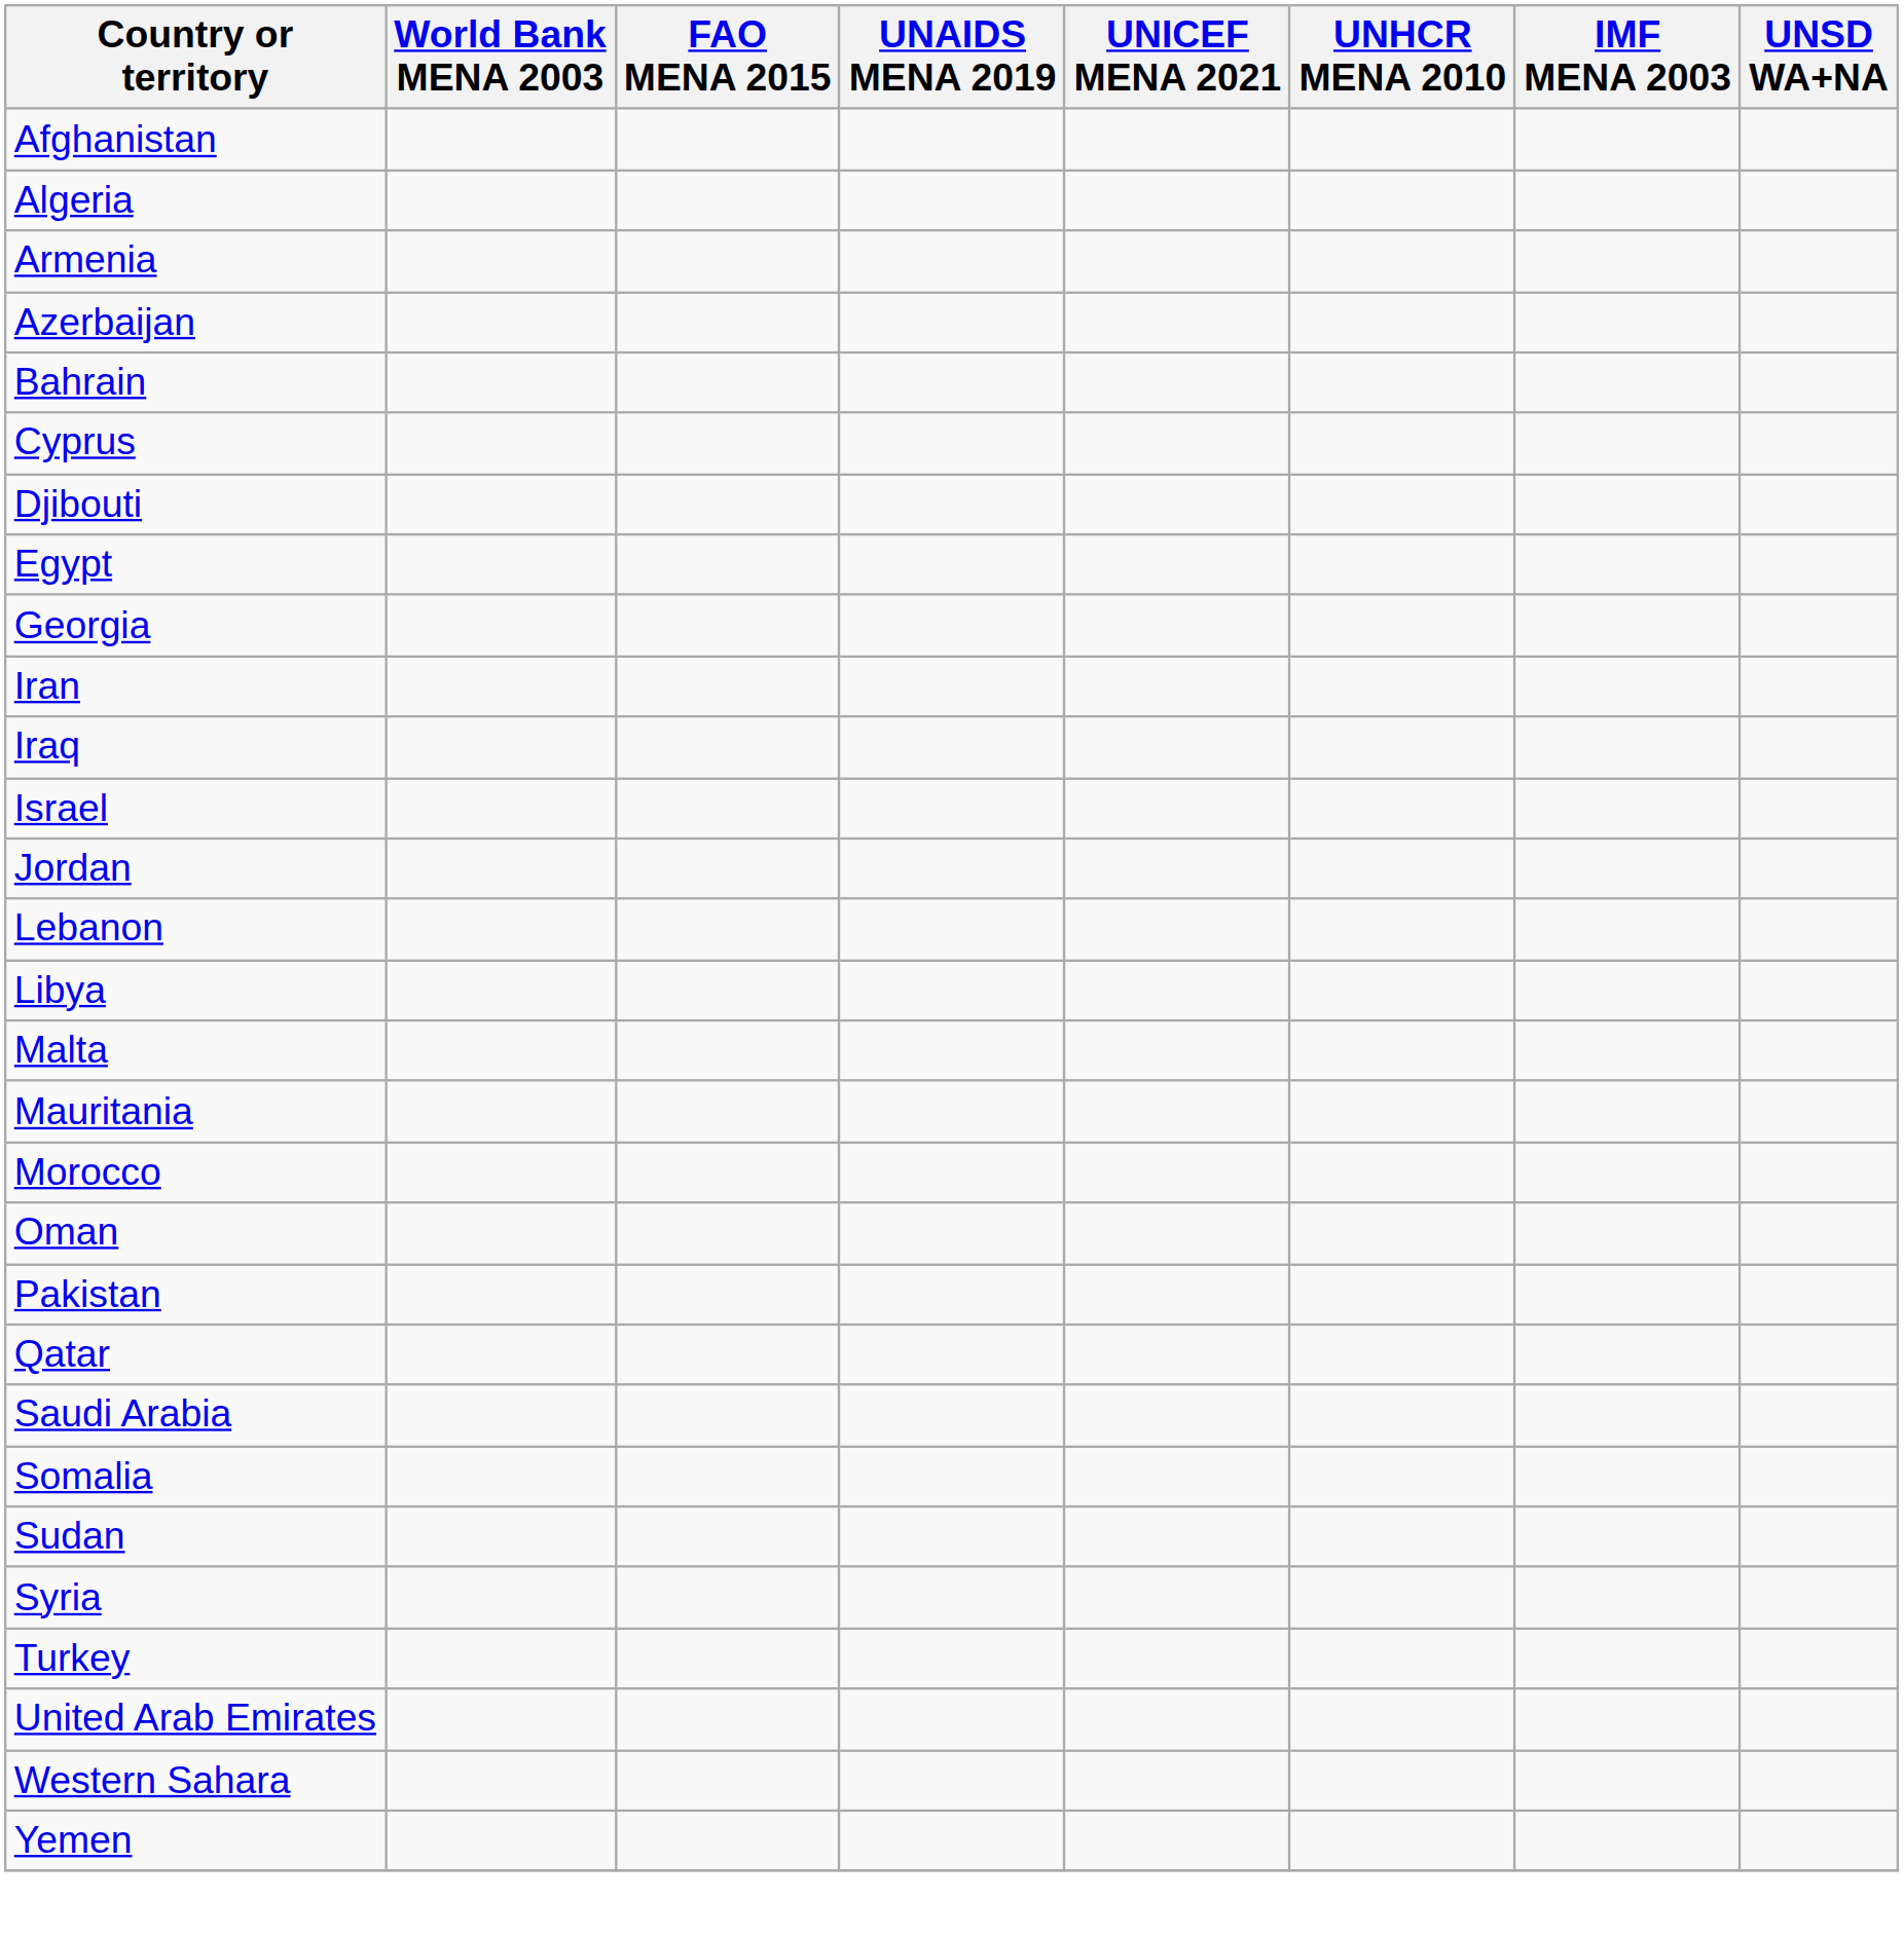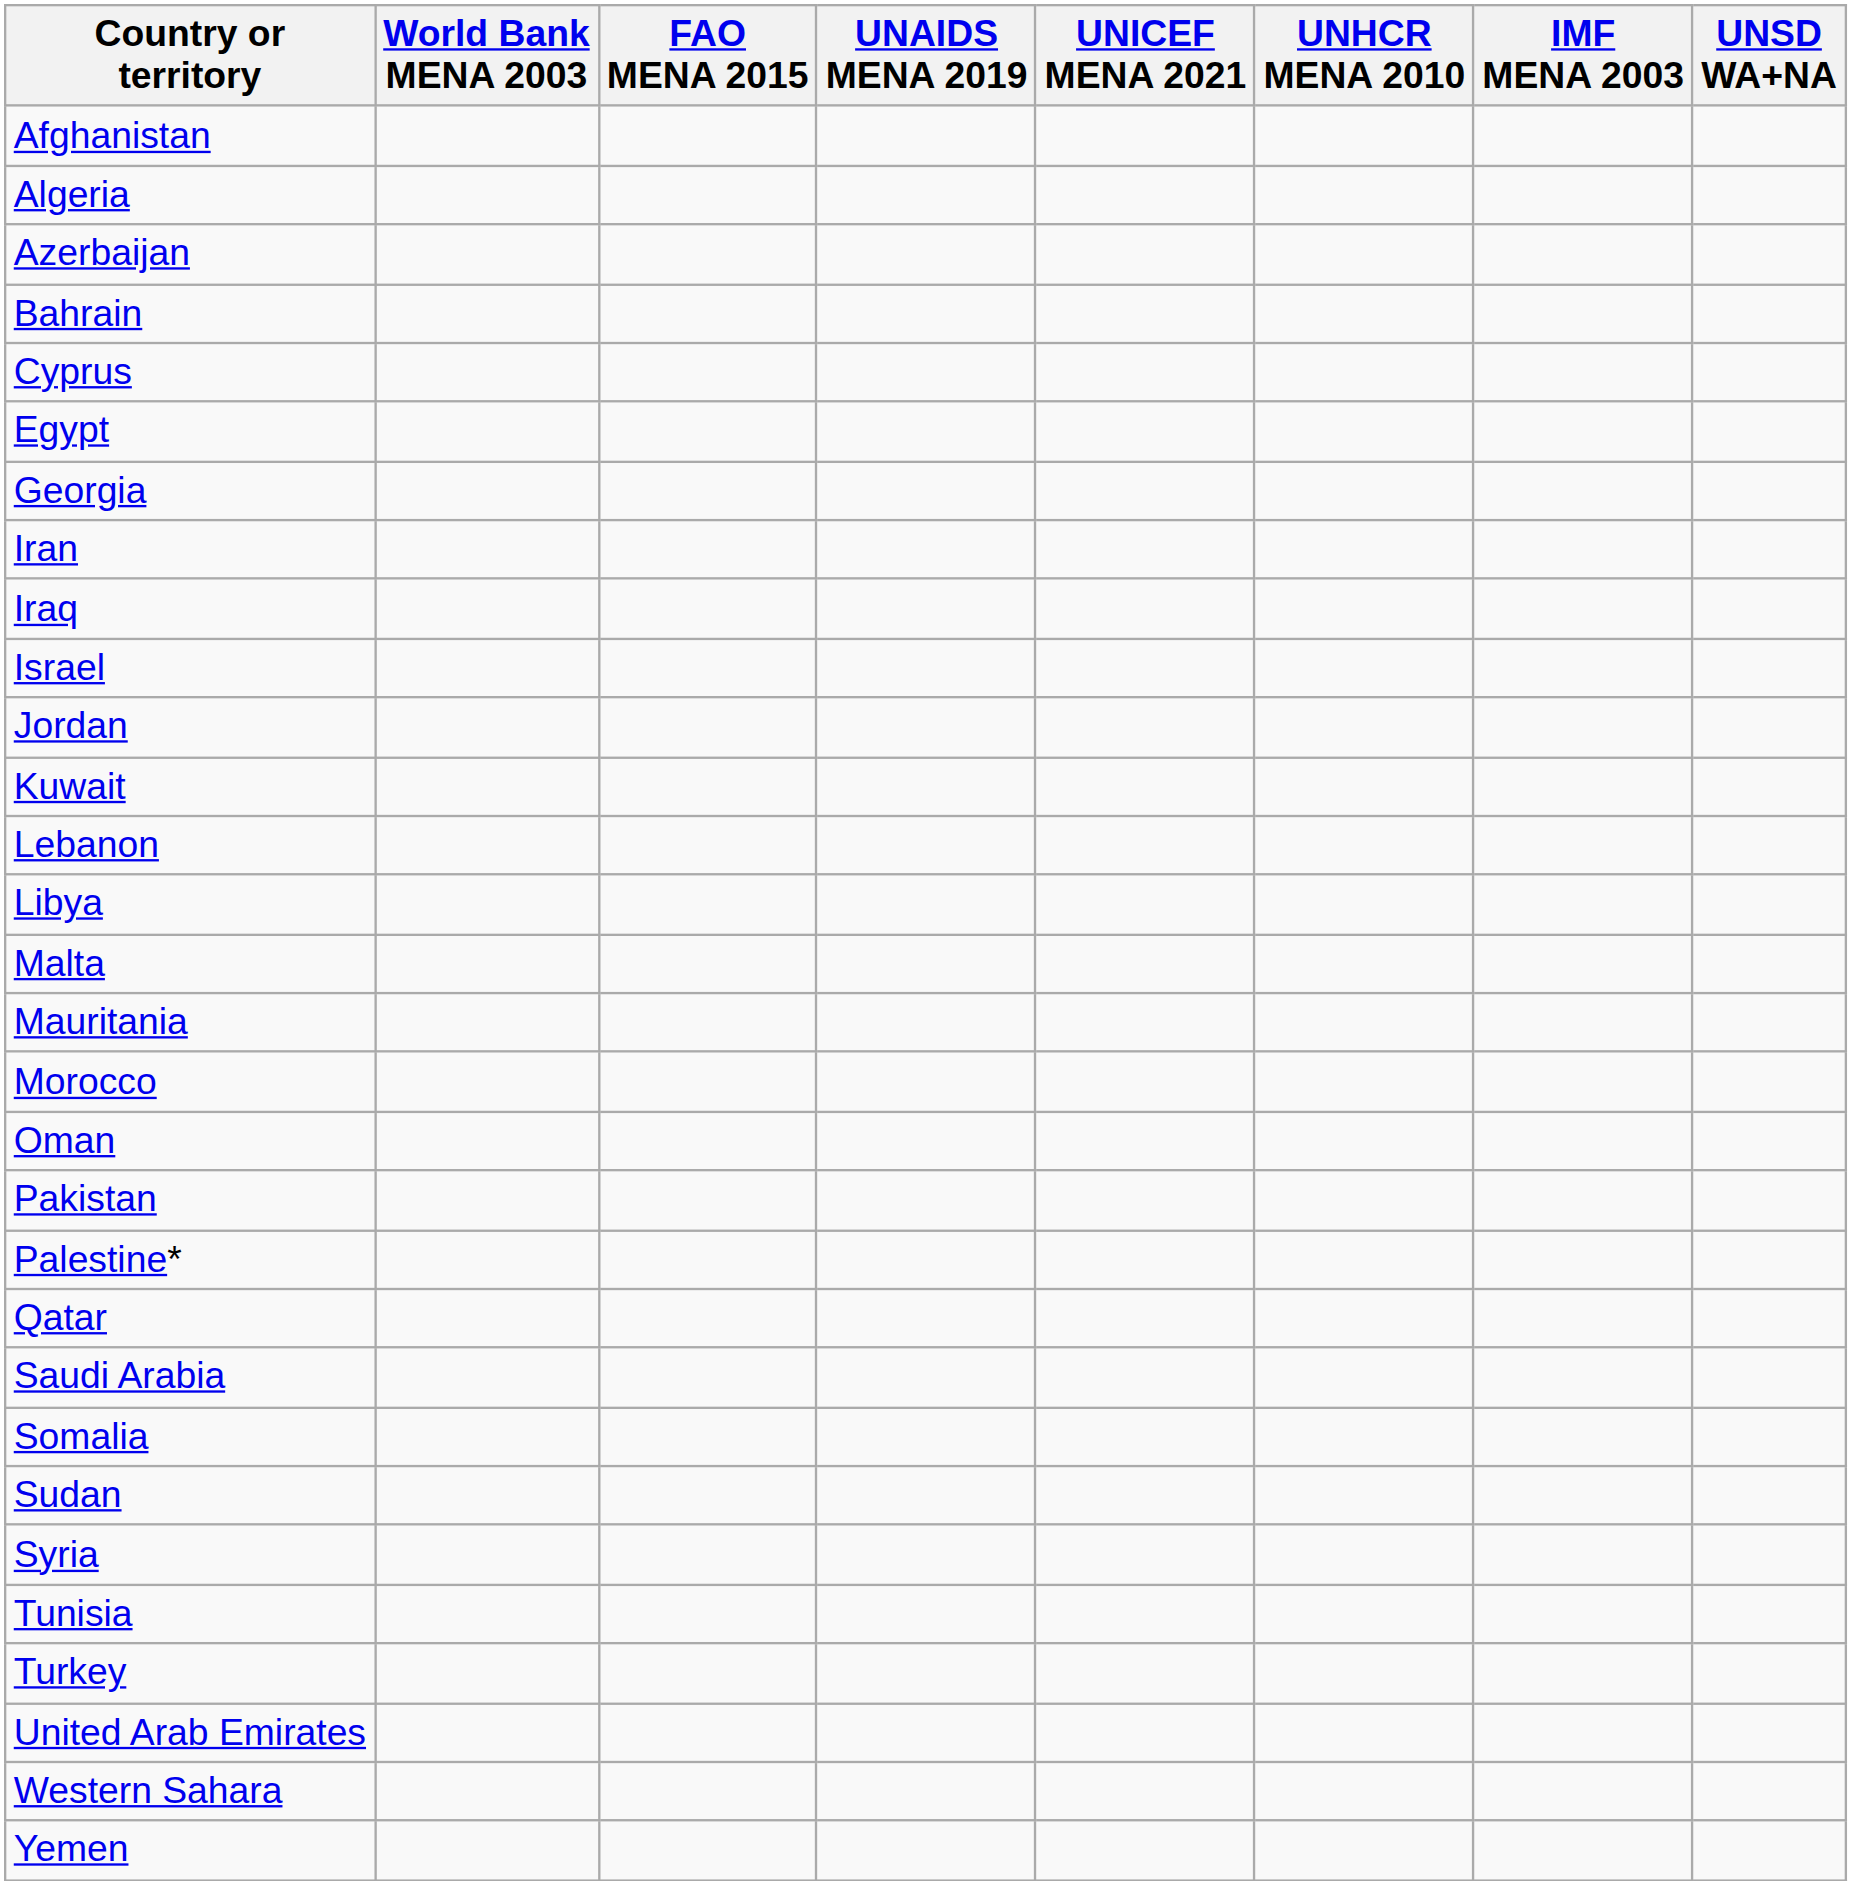 <table class="wikitable sortable" style="text-align:center">
 <tr>
 <th>Country or<br>territory</th>
 <th><a href='#'>World Bank</a><br>MENA 2003</th>
 <th><a href='#'>FAO</a><br>MENA 2015</th>
 <th><a href='#'>UNAIDS</a><br>MENA 2019</th>
 <th><a href='#'>UNICEF</a><br>MENA 2021</th>
 <th><a href='#'>UNHCR</a><br>MENA 2010</th>
 <th><a href='#'>IMF</a><br>MENA 2003</th>
 <th><a href='#'>UNSD</a><br>WA+NA</th>
 </tr>
 <tr>
 <td style="text-align:left"><a href='#'>Afghanistan</a></td>
 <td></td>
 <td></td>
 <td></td>
 <td></td>
 <td></td>
 <td></td>
 <td></td>
 </tr>
 <tr>
 <td style="text-align:left"><a href='#'>Algeria</a></td>
 <td></td>
 <td></td>
 <td></td>
 <td></td>
 <td></td>
 <td></td>
 <td></td>
 </tr>
 <tr>
-<td style="text-align:left"><a href='#'>Armenia</a></td>
-<td></td>
-<td></td>
-<td></td>
-<td></td>
-<td></td>
-<td></td>
-<td></td>
-</tr>
-<tr>
 <td style="text-align:left"><a href='#'>Azerbaijan</a></td>
 <td></td>
 <td></td>
 <td></td>
 <td></td>
 <td></td>
 <td></td>
 <td></td>
 </tr>
 <tr>
 <td style="text-align:left"><a href='#'>Bahrain</a></td>
 <td></td>
 <td></td>
 <td></td>
 <td></td>
 <td></td>
 <td></td>
 <td></td>
 </tr>
 <tr>
 <td style="text-align:left"><a href='#'>Cyprus</a></td>
-<td></td>
-<td></td>
-<td></td>
-<td></td>
-<td></td>
-<td></td>
-<td></td>
-</tr>
-<tr>
-<td style="text-align:left"><a href='#'>Djibouti</a></td>
 <td></td>
 <td></td>
 <td></td>
 <td></td>
 <td></td>
 <td></td>
 <td></td>
 </tr>
 <tr>
 <td style="text-align:left"><a href='#'>Egypt</a></td>
 <td></td>
 <td></td>
 <td></td>
 <td></td>
 <td></td>
 <td></td>
 <td></td>
 </tr>
 <tr>
 <td style="text-align:left"><a href='#'>Georgia</a></td>
 <td></td>
 <td></td>
 <td></td>
 <td></td>
 <td></td>
 <td></td>
 <td></td>
 </tr>
 <tr>
 <td style="text-align:left"><a href='#'>Iran</a></td>
 <td></td>
 <td></td>
 <td></td>
 <td></td>
 <td></td>
 <td></td>
 <td></td>
 </tr>
 <tr>
 <td style="text-align:left"><a href='#'>Iraq</a></td>
 <td></td>
 <td></td>
 <td></td>
 <td></td>
 <td></td>
 <td></td>
 <td></td>
 </tr>
 <tr>
 <td style="text-align:left"><a href='#'>Israel</a></td>
 <td></td>
 <td></td>
 <td></td>
 <td></td>
 <td></td>
 <td></td>
 <td></td>
 </tr>
 <tr>
 <td style="text-align:left"><a href='#'>Jordan</a></td>
+<td></td>
+<td></td>
+<td></td>
+<td></td>
+<td></td>
+<td></td>
+<td></td>
+</tr>
+<tr>
+<td style="text-align:left"><a href='#'>Kuwait</a></td>
 <td></td>
 <td></td>
 <td></td>
 <td></td>
 <td></td>
 <td></td>
 <td></td>
 </tr>
 <tr>
 <td style="text-align:left"><a href='#'>Lebanon</a></td>
 <td></td>
 <td></td>
 <td></td>
 <td></td>
 <td></td>
 <td></td>
 <td></td>
 </tr>
 <tr>
 <td style="text-align:left"><a href='#'>Libya</a></td>
 <td></td>
 <td></td>
 <td></td>
 <td></td>
 <td></td>
 <td></td>
 <td></td>
 </tr>
 <tr>
 <td style="text-align:left"><a href='#'>Malta</a></td>
 <td></td>
 <td></td>
 <td></td>
 <td></td>
 <td></td>
 <td></td>
 <td></td>
 </tr>
 <tr>
 <td style="text-align:left"><a href='#'>Mauritania</a></td>
 <td></td>
 <td></td>
 <td></td>
 <td></td>
 <td></td>
 <td></td>
 <td></td>
 </tr>
 <tr>
 <td style="text-align:left"><a href='#'>Morocco</a></td>
 <td></td>
 <td></td>
 <td></td>
 <td></td>
 <td></td>
 <td></td>
 <td></td>
 </tr>
 <tr>
 <td style="text-align:left"><a href='#'>Oman</a></td>
 <td></td>
 <td></td>
 <td></td>
 <td></td>
 <td></td>
 <td></td>
 <td></td>
 </tr>
 <tr>
 <td style="text-align:left"><a href='#'>Pakistan</a></td>
 <td></td>
 <td></td>
 <td></td>
 <td></td>
 <td></td>
 <td></td>
 <td></td>
 </tr>
 <tr>
+<td style="text-align:left"><a href='#'>Palestine</a>*</td>
+<td></td>
+<td></td>
+<td></td>
+<td></td>
+<td></td>
+<td></td>
+<td></td>
+</tr>
+<tr>
 <td style="text-align:left"><a href='#'>Qatar</a></td>
 <td></td>
 <td></td>
 <td></td>
 <td></td>
 <td></td>
 <td></td>
 <td></td>
 </tr>
 <tr>
 <td style="text-align:left"><a href='#'>Saudi Arabia</a></td>
 <td></td>
 <td></td>
 <td></td>
 <td></td>
 <td></td>
 <td></td>
 <td></td>
 </tr>
 <tr>
 <td style="text-align:left"><a href='#'>Somalia</a></td>
 <td></td>
 <td></td>
 <td></td>
 <td></td>
 <td></td>
 <td></td>
 <td></td>
 </tr>
 <tr>
 <td style="text-align:left"><a href='#'>Sudan</a></td>
 <td></td>
 <td></td>
 <td></td>
 <td></td>
 <td></td>
 <td></td>
 <td></td>
 </tr>
 <tr>
 <td style="text-align:left"><a href='#'>Syria</a></td>
+<td></td>
+<td></td>
+<td></td>
+<td></td>
+<td></td>
+<td></td>
+<td></td>
+</tr>
+<tr>
+<td style="text-align:left"><a href='#'>Tunisia</a></td>
 <td></td>
 <td></td>
 <td></td>
 <td></td>
 <td></td>
 <td></td>
 <td></td>
 </tr>
 <tr>
 <td style="text-align:left"><a href='#'>Turkey</a></td>
 <td></td>
 <td></td>
 <td></td>
 <td></td>
 <td></td>
 <td></td>
 <td></td>
 </tr>
 <tr>
 <td style="text-align:left"><a href='#'>United Arab Emirates</a></td>
 <td></td>
 <td></td>
 <td></td>
 <td></td>
 <td></td>
 <td></td>
 <td></td>
 </tr>
 <tr>
 <td style="text-align:left"><a href='#'>Western Sahara</a></td>
 <td></td>
 <td></td>
 <td></td>
 <td></td>
 <td></td>
 <td></td>
 <td></td>
 </tr>
 <tr>
 <td style="text-align:left"><a href='#'>Yemen</a></td>
 <td></td>
 <td></td>
 <td></td>
 <td></td>
 <td></td>
 <td></td>
 <td></td>
 </tr>
 <tr>
 </tr>
 </table>
